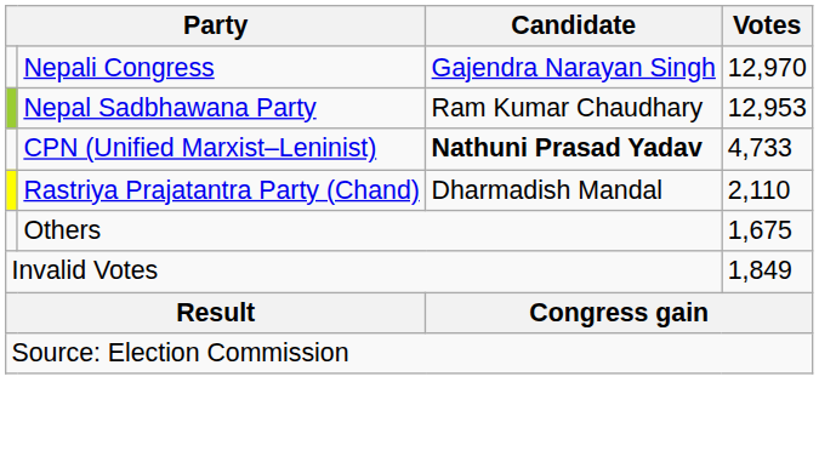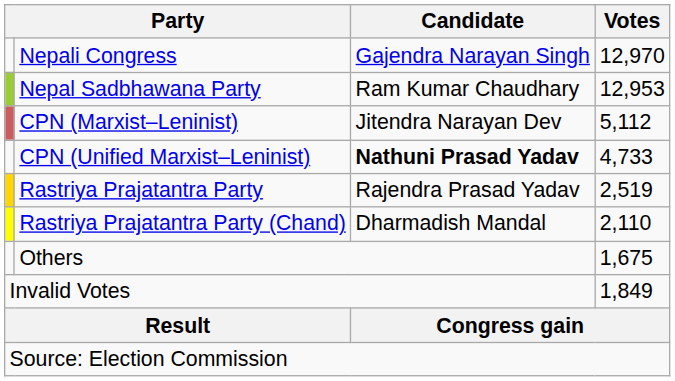 <table class="wikitable">
 <tr>
 <th colspan="2">Party</th>
 <th>Candidate</th>
 <th>Votes</th>
 </tr>
 <tr>
 <td style="background-color:"></td>
 <td><a href='#'>Nepali Congress</a></td>
 <td><a href='#'>Gajendra Narayan Singh</a></td>
 <td>12,970</td>
 </tr>
 <tr>
 <td style="background-color:yellowgreen"></td>
 <td><a href='#'>Nepal Sadbhawana Party</a></td>
 <td>Ram Kumar Chaudhary</td>
 <td>12,953</td>
 </tr>
 <tr>
+<td style="background-color:indianred"></td>
+<td><a href='#'>CPN (Marxist–Leninist)</a></td>
+<td>Jitendra Narayan Dev</td>
+<td>5,112</td>
+</tr>
+<tr>
 <td style="background-color:"></td>
 <td><a href='#'>CPN (Unified Marxist–Leninist)</a></td>
 <td><strong>Nathuni Prasad Yadav</strong></td>
 <td>4,733</td>
+</tr>
+<tr>
+<td style="background-color:gold"></td>
+<td><a href='#'>Rastriya Prajatantra Party</a></td>
+<td>Rajendra Prasad Yadav</td>
+<td>2,519</td>
 </tr>
 <tr>
 <td style="background-color:yellow"></td>
 <td><a href='#'>Rastriya Prajatantra Party (Chand)</a></td>
 <td>Dharmadish Mandal</td>
 <td>2,110</td>
 </tr>
 <tr>
 <td></td>
 <td colspan="2">Others</td>
 <td>1,675</td>
 </tr>
 <tr>
 <td colspan="3">Invalid Votes</td>
 <td>1,849</td>
 </tr>
 <tr>
 <th colspan="2">Result</th>
 <th colspan="2">Congress gain</th>
 </tr>
 <tr>
 <td colspan="4">Source: Election Commission</td>
 </tr>
 </table>
